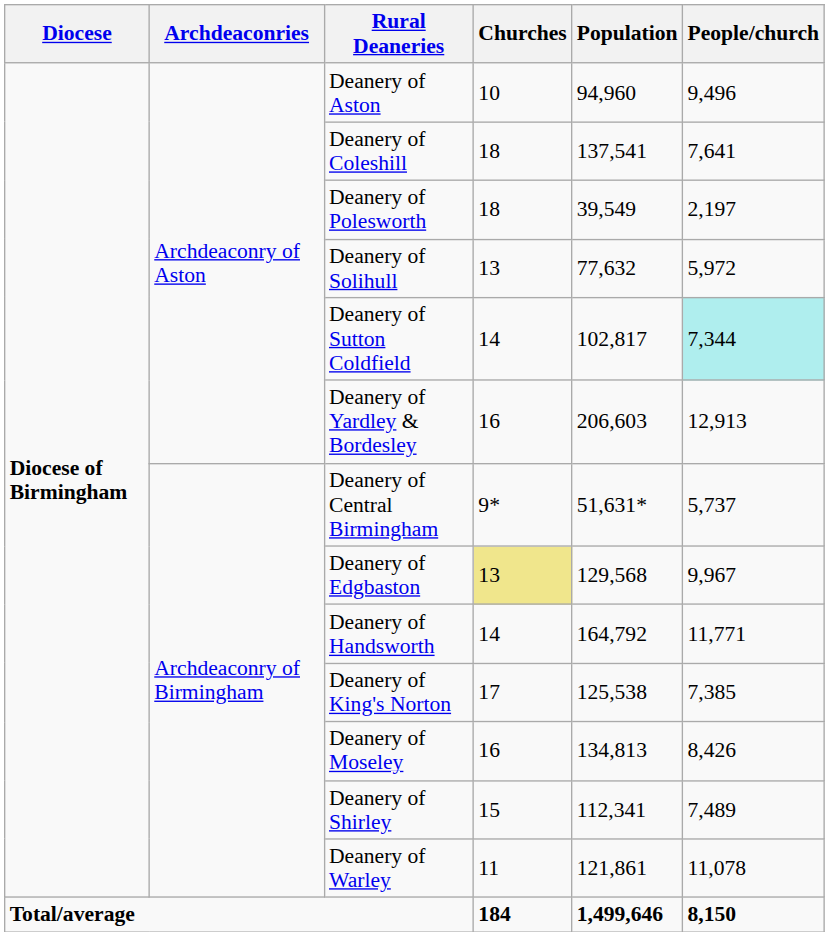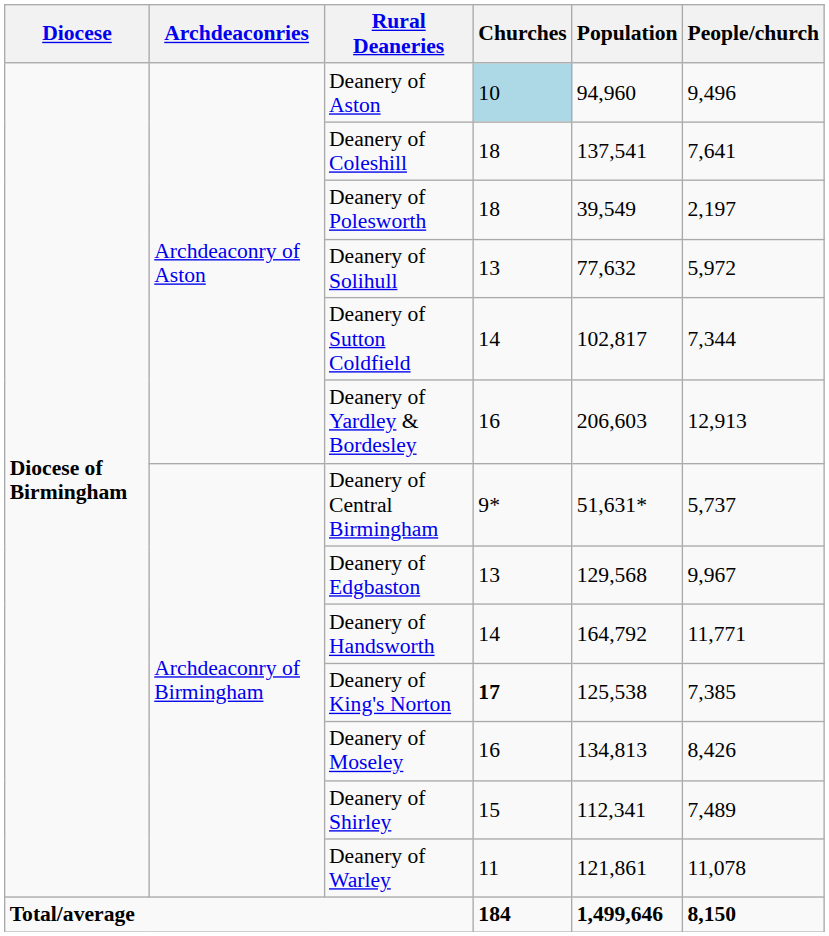 <table class="wikitable sortable">
 <tr>
 <th><a href='#'>Diocese</a></th>
 <th><a href='#'>Archdeaconries</a></th>
 <th><a href='#'>Rural Deaneries</a></th>
 <th>Churches</th>
 <th>Population</th>
 <th>People/church</th>
 </tr>
 <tr>
 <td rowspan="13"><strong>Diocese of Birmingham</strong></td>
 <td rowspan="6"><a href='#'>Archdeaconry of Aston</a></td>
 <td>Deanery of <a href='#'>Aston</a></td>
-<td>10</td>
+<td style="background: lightblue;">10</td>
 <td>94,960</td>
 <td>9,496</td>
 </tr>
 <tr>
 <td>Deanery of <a href='#'>Coleshill</a></td>
 <td>18</td>
 <td>137,541</td>
 <td>7,641</td>
 </tr>
 <tr>
 <td>Deanery of <a href='#'>Polesworth</a></td>
 <td>18</td>
 <td>39,549</td>
 <td>2,197</td>
 </tr>
 <tr>
 <td>Deanery of <a href='#'>Solihull</a></td>
 <td>13</td>
 <td>77,632</td>
 <td>5,972</td>
 </tr>
 <tr>
 <td>Deanery of <a href='#'>Sutton Coldfield</a></td>
 <td>14</td>
 <td>102,817</td>
-<td style="background: paleturquoise;">7,344</td>
+<td>7,344</td>
 </tr>
 <tr>
 <td>Deanery of <a href='#'>Yardley</a> & <a href='#'>Bordesley</a></td>
 <td>16</td>
 <td>206,603</td>
 <td>12,913</td>
 </tr>
 <tr>
 <td rowspan="7"><a href='#'>Archdeaconry of Birmingham</a></td>
 <td>Deanery of Central <a href='#'>Birmingham</a></td>
 <td>9*</td>
 <td>51,631*</td>
 <td>5,737</td>
 </tr>
 <tr>
 <td>Deanery of <a href='#'>Edgbaston</a></td>
-<td style="background: khaki;">13</td>
+<td>13</td>
 <td>129,568</td>
 <td>9,967</td>
 </tr>
 <tr>
 <td>Deanery of <a href='#'>Handsworth</a></td>
 <td>14</td>
 <td>164,792</td>
 <td>11,771</td>
 </tr>
 <tr>
 <td>Deanery of <a href='#'>King's Norton</a></td>
-<td>17</td>
+<td><strong>17</strong></td>
 <td>125,538</td>
 <td>7,385</td>
 </tr>
 <tr>
 <td>Deanery of <a href='#'>Moseley</a></td>
 <td>16</td>
 <td>134,813</td>
 <td>8,426</td>
 </tr>
 <tr>
 <td>Deanery of <a href='#'>Shirley</a></td>
 <td>15</td>
 <td>112,341</td>
 <td>7,489</td>
 </tr>
 <tr>
 <td>Deanery of <a href='#'>Warley</a></td>
 <td>11</td>
 <td>121,861</td>
 <td>11,078</td>
 </tr>
 <tr>
 <td colspan="3"><strong>Total/average</strong></td>
 <td><strong>184</strong></td>
 <td><strong>1,499,646</strong></td>
 <td><strong>8,150</strong></td>
 </tr>
 </table>
